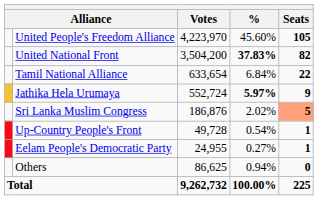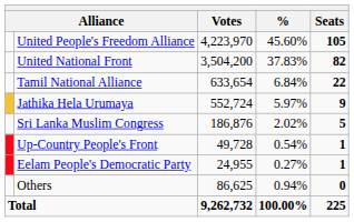 <table class="wikitable" border="1" style="text-align:right;">
 <tr>
 <th colspan=8></th>
 </tr>
 <tr>
 <th colspan=2>Alliance</th>
 <th width="60">Votes</th>
 <th width="50">%</th>
 <th width="40">Seats</th>
 </tr>
 <tr>
 <td bgcolor=> </td>
 <td align=left><a href='#'>United People's Freedom Alliance</a></td>
 <td>4,223,970</td>
 <td>45.60%</td>
 <td><strong>105</strong></td>
 </tr>
 <tr>
 <td bgcolor=> </td>
 <td align=left><a href='#'>United National Front</a></td>
 <td>3,504,200</td>
-<td><strong>37.83%</strong></td>
+<td>37.83%</td>
 <td><strong>82</strong></td>
 </tr>
 <tr>
 <td bgcolor=> </td>
 <td align=left><a href='#'>Tamil National Alliance</a></td>
 <td>633,654</td>
 <td>6.84%</td>
 <td><strong>22</strong></td>
 </tr>
 <tr>
 <td bgcolor="#F4C430"> </td>
 <td align=left><a href='#'>Jathika Hela Urumaya</a></td>
 <td>552,724</td>
-<td><strong>5.97%</strong></td>
+<td>5.97%</td>
 <td><strong>9</strong></td>
 </tr>
 <tr>
 <td bgcolor=> </td>
 <td align=left><a href='#'>Sri Lanka Muslim Congress</a></td>
 <td>186,876</td>
 <td>2.02%</td>
-<td style="background: lightsalmon;"><strong>5</strong></td>
+<td><strong>5</strong></td>
 </tr>
 <tr>
 <td bgcolor="#F90818"> </td>
 <td align=left><a href='#'>Up-Country People's Front</a></td>
 <td>49,728</td>
 <td>0.54%</td>
 <td><strong>1</strong></td>
 </tr>
 <tr>
 <td bgcolor="#F90818"> </td>
 <td align=left><a href='#'>Eelam People's Democratic Party</a></td>
 <td>24,955</td>
 <td>0.27%</td>
 <td><strong>1</strong></td>
 </tr>
 <tr>
 <td></td>
 <td align=left>Others</td>
 <td>86,625</td>
 <td>0.94%</td>
 <td><strong>0</strong></td>
 </tr>
 <tr>
 <td colspan=2 align=left><strong>Total</strong></td>
 <td><strong>9,262,732</strong></td>
 <td><strong>100.00%</strong></td>
 <td><strong>225</strong></td>
 </tr>
 </table>
